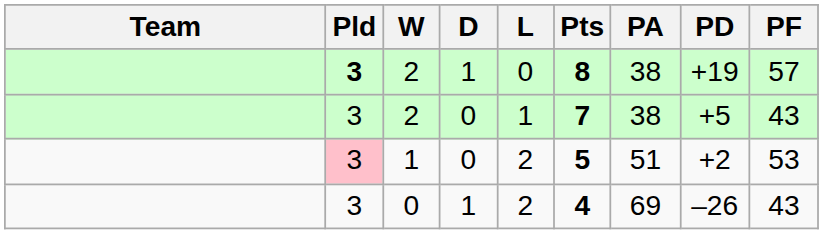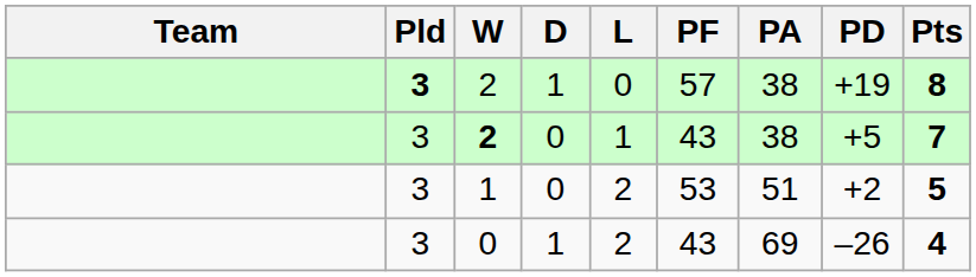 <table class="wikitable" style="text-align:center;">
 <tr>
 <th width=175>Team</th>
 <th width=25 abbr="Played">Pld</th>
 <th width=25 abbr="Won">W</th>
 <th width=25 abbr="Drawn">D</th>
 <th width=25 abbr="Lost">L</th>
-<th width=25 abbr="Points">Pts</th>
+<th width=32 abbr="Points for">PF</th>
 <th width=32 abbr="Points against">PA</th>
 <th width=32 abbr="Points difference">PD</th>
-<th width=32 abbr="Points for">PF</th>
+<th width=25 abbr="Points">Pts</th>
 </tr>
 <tr bgcolor=ccffcc>
 <td align=left></td>
 <td><strong>3</strong></td>
 <td>2</td>
 <td>1</td>
 <td>0</td>
-<td><strong>8</strong></td>
+<td>57</td>
 <td>38</td>
 <td>+19</td>
-<td>57</td>
+<td><strong>8</strong></td>
 </tr>
 <tr bgcolor=ccffcc>
 <td align=left></td>
 <td>3</td>
-<td>2</td>
+<td><strong>2</strong></td>
 <td>0</td>
 <td>1</td>
-<td><strong>7</strong></td>
+<td>43</td>
 <td>38</td>
 <td>+5</td>
-<td>43</td>
+<td><strong>7</strong></td>
 </tr>
 <tr>
 <td align=left></td>
-<td style="background: pink;">3</td>
+<td>3</td>
 <td>1</td>
 <td>0</td>
 <td>2</td>
-<td><strong>5</strong></td>
+<td>53</td>
 <td>51</td>
 <td>+2</td>
-<td>53</td>
+<td><strong>5</strong></td>
 </tr>
 <tr>
 <td align=left></td>
 <td>3</td>
 <td>0</td>
 <td>1</td>
 <td>2</td>
-<td><strong>4</strong></td>
+<td>43</td>
 <td>69</td>
 <td>–26</td>
-<td>43</td>
+<td><strong>4</strong></td>
 </tr>
 </table>
